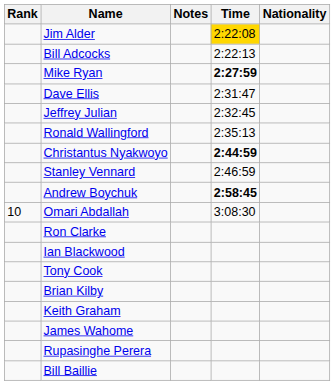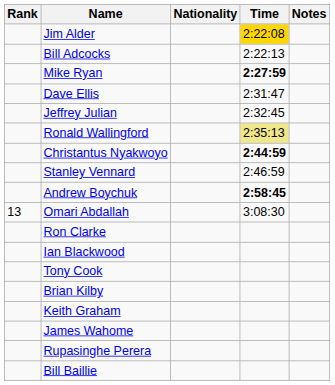 <table class="wikitable sortable">
 <tr>
 <th scope="col">Rank</th>
 <th scope="col">Name</th>
+<th scope="col">Nationality</th>
+<th scope="col">Time</th>
 <th scope="col">Notes</th>
-<th scope="col">Time</th>
-<th scope="col">Nationality</th>
 </tr>
 <tr>
 <td></td>
 <td align=left><a href='#'>Jim Alder</a></td>
+<td align=left></td>
+<td style="background: gold;">2:22:08</td>
 <td></td>
-<td style="background: gold;">2:22:08</td>
-<td align=left></td>
 </tr>
 <tr>
 <td></td>
 <td align=left><a href='#'>Bill Adcocks</a></td>
+<td align=left></td>
+<td>2:22:13</td>
 <td></td>
-<td>2:22:13</td>
-<td align=left></td>
 </tr>
 <tr>
 <td></td>
 <td align=left><a href='#'>Mike Ryan</a></td>
+<td align=left></td>
+<td><strong>2:27:59</strong></td>
 <td></td>
-<td><strong>2:27:59</strong></td>
-<td align=left></td>
 </tr>
 <tr>
 <td></td>
 <td align=left><a href='#'>Dave Ellis</a></td>
+<td align=left></td>
+<td>2:31:47</td>
 <td></td>
-<td>2:31:47</td>
-<td align=left></td>
 </tr>
 <tr>
 <td></td>
 <td align=left><a href='#'>Jeffrey Julian</a></td>
+<td align=left></td>
+<td>2:32:45</td>
 <td></td>
-<td>2:32:45</td>
-<td align=left></td>
 </tr>
 <tr>
 <td></td>
 <td align=left><a href='#'>Ronald Wallingford</a></td>
+<td align=left></td>
+<td style="background: khaki;">2:35:13</td>
 <td></td>
-<td>2:35:13</td>
-<td align=left></td>
 </tr>
 <tr>
 <td></td>
 <td align=left><a href='#'>Christantus Nyakwoyo</a></td>
+<td align=left></td>
+<td><strong>2:44:59</strong></td>
 <td></td>
-<td><strong>2:44:59</strong></td>
-<td align=left></td>
 </tr>
 <tr>
 <td></td>
 <td align=left><a href='#'>Stanley Vennard</a></td>
+<td align=left></td>
+<td>2:46:59</td>
 <td></td>
-<td>2:46:59</td>
-<td align=left></td>
 </tr>
 <tr>
 <td></td>
 <td align=left><a href='#'>Andrew Boychuk</a></td>
+<td align=left></td>
+<td><strong>2:58:45</strong></td>
 <td></td>
-<td><strong>2:58:45</strong></td>
-<td align=left></td>
 </tr>
 <tr>
-<td>10</td>
+<td>13</td>
 <td align=left><a href='#'>Omari Abdallah</a></td>
+<td align=left></td>
+<td>3:08:30</td>
 <td></td>
-<td>3:08:30</td>
-<td align=left></td>
 </tr>
 <tr>
 <td></td>
 <td align=left><a href='#'>Ron Clarke</a></td>
+<td align=left></td>
 <td></td>
 <td></td>
-<td align=left></td>
 </tr>
 <tr>
 <td></td>
 <td align=left><a href='#'>Ian Blackwood</a></td>
+<td align=left></td>
 <td></td>
 <td></td>
-<td align=left></td>
 </tr>
 <tr>
 <td></td>
 <td align=left><a href='#'>Tony Cook</a></td>
+<td align=left></td>
 <td></td>
 <td></td>
-<td align=left></td>
 </tr>
 <tr>
 <td></td>
 <td align=left><a href='#'>Brian Kilby</a></td>
+<td align=left></td>
 <td></td>
 <td></td>
-<td align=left></td>
 </tr>
 <tr>
 <td></td>
 <td align=left><a href='#'>Keith Graham</a></td>
+<td align=left></td>
 <td></td>
 <td></td>
-<td align=left></td>
 </tr>
 <tr>
 <td></td>
 <td align=left><a href='#'>James Wahome</a></td>
+<td align=left></td>
 <td></td>
 <td></td>
-<td align=left></td>
 </tr>
 <tr>
 <td></td>
 <td align=left><a href='#'>Rupasinghe Perera</a></td>
+<td align=left></td>
 <td></td>
 <td></td>
-<td align=left></td>
 </tr>
 <tr>
 <td></td>
 <td align=left><a href='#'>Bill Baillie</a></td>
+<td align=left></td>
 <td></td>
 <td></td>
-<td align=left></td>
 </tr>
 </table>
